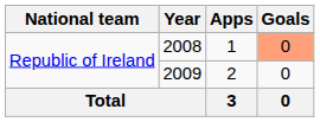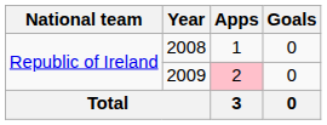 <table class="wikitable" style="text-align:center">
 <tr>
 <th>National team</th>
 <th>Year</th>
 <th>Apps</th>
 <th>Goals</th>
 </tr>
 <tr>
 <td rowspan="2"><a href='#'>Republic of Ireland</a></td>
 <td>2008</td>
 <td>1</td>
-<td style="background: lightsalmon;">0</td>
+<td>0</td>
 </tr>
 <tr>
 <td>2009</td>
-<td>2</td>
+<td style="background: pink;">2</td>
 <td>0</td>
 </tr>
 <tr>
 <th colspan="2">Total</th>
 <th>3</th>
 <th>0</th>
 </tr>
 </table>
